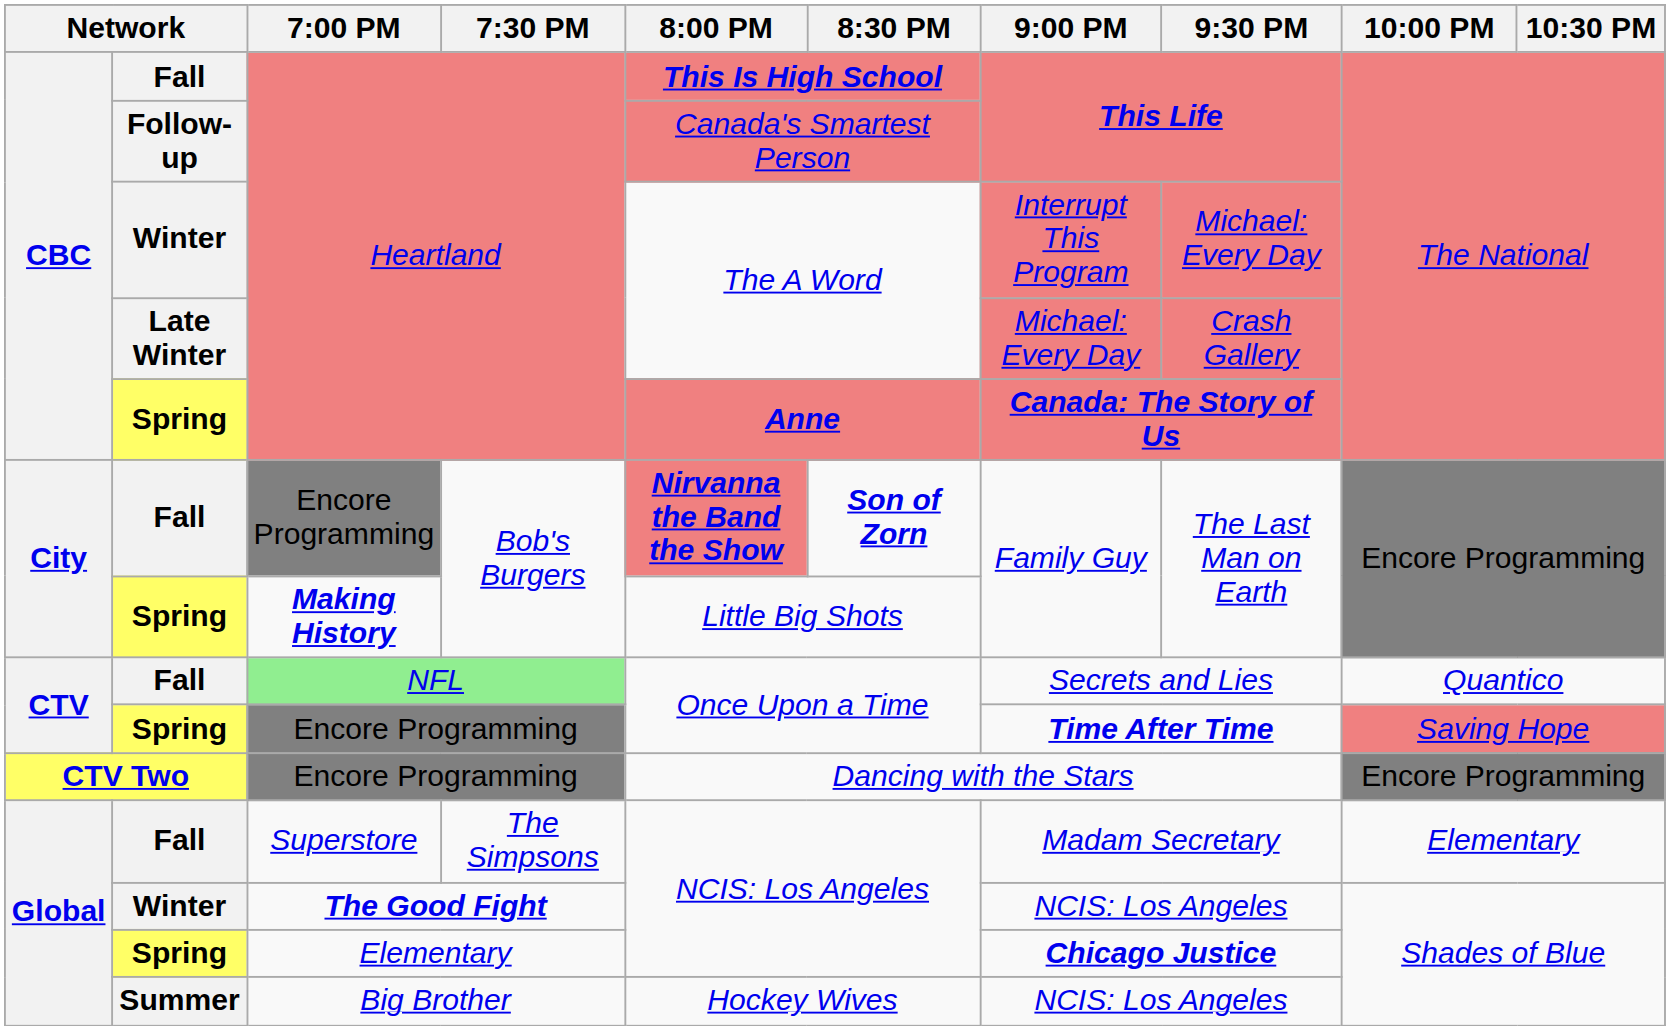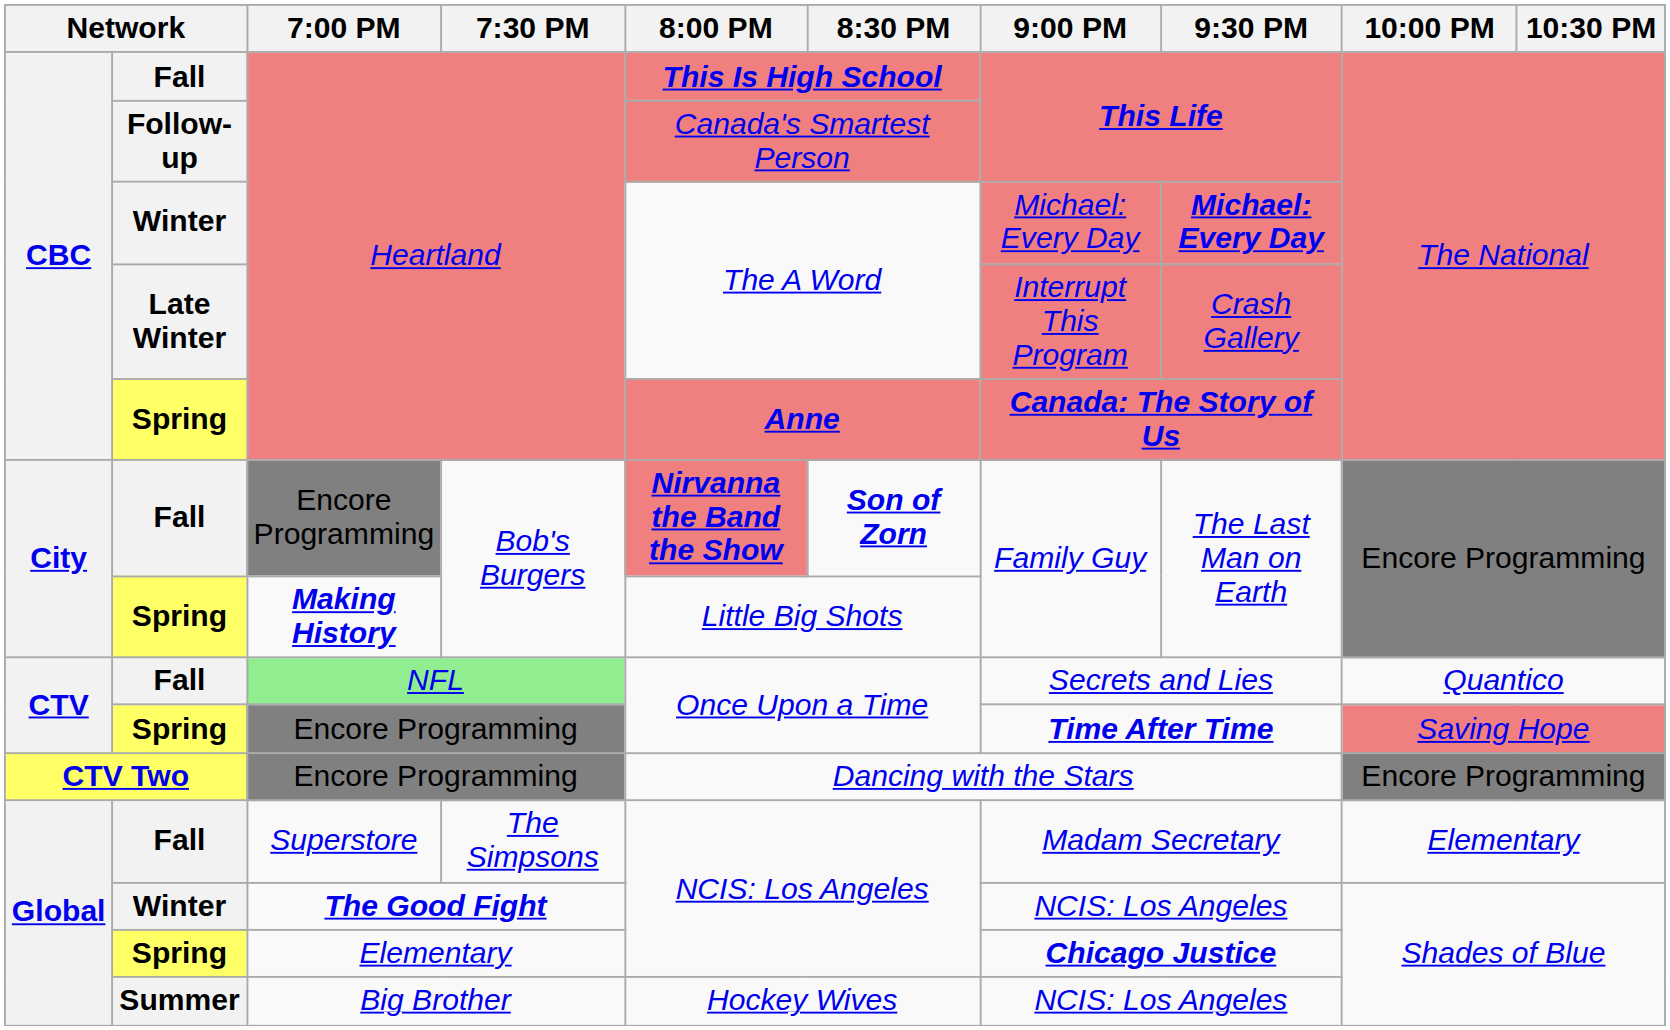 <table class="wikitable" style="width:100%;margin-right:0;text-align:center">
 <tr>
 <th colspan="2" style="width:10%;">Network</th>
 <th style="width:11.5%;">7:00 PM</th>
 <th style="width:11.5%;">7:30 PM</th>
 <th style="width:11.5%;">8:00 PM</th>
 <th style="width:11.5%;">8:30 PM</th>
 <th style="width:11.5%;">9:00 PM</th>
 <th style="width:11.5%;">9:30 PM</th>
 <th style="width:11.5%;">10:00 PM</th>
 <th style="width:11.5%;">10:30 PM</th>
 </tr>
 <tr>
 <th rowspan="5"><a href='#'>CBC</a></th>
 <th>Fall</th>
 <td rowspan="5" colspan="2" style="background:#f08080;"><em><a href='#'>Heartland</a></em></td>
 <td colspan="2" style="background:#f08080;"><strong><em><a href='#'>This Is High School</a></em></strong></td>
 <td rowspan="2" colspan="2" style="background:#f08080;"><strong><em><a href='#'>This Life</a></em></strong></td>
 <td rowspan="5" colspan="2" style="background:#f08080;"><em><a href='#'>The National</a></em></td>
 </tr>
 <tr>
 <th>Follow-up</th>
 <td colspan="2" style="background:#f08080;"><em><a href='#'>Canada's Smartest Person</a></em></td>
 </tr>
 <tr>
 <th>Winter</th>
 <td rowspan="2" colspan="2"><em><a href='#'>The A Word</a></em></td>
-<td style="background:#f08080;"><em><a href='#'>Interrupt This Program</a></em></td>
 <td style="background:#f08080;"><em><a href='#'>Michael: Every Day</a></em></td>
+<td style="background:#f08080;"><strong><em><a href='#'>Michael: Every Day</a></em></strong></td>
 </tr>
 <tr>
 <th>Late Winter</th>
-<td style="background:#f08080;"><em><a href='#'>Michael: Every Day</a></em></td>
+<td style="background:#f08080;"><em><a href='#'>Interrupt This Program</a></em></td>
 <td style="background:#f08080;"><em><a href='#'>Crash Gallery</a></em></td>
 </tr>
 <tr>
 <th style="background:#ff6;">Spring</th>
 <td colspan="2" style="background:#f08080;"><strong><em><a href='#'>Anne</a></em></strong></td>
 <td colspan="2" style="background:#f08080;"><strong><em><a href='#'>Canada: The Story of Us</a></em></strong></td>
 </tr>
 <tr>
 <th rowspan="2"><a href='#'>City</a></th>
 <th>Fall</th>
 <td style="background:gray;">Encore Programming</td>
 <td rowspan="2"><em><a href='#'>Bob's Burgers</a></em></td>
 <td style="background:#f08080;"><strong><em><a href='#'>Nirvanna the Band the Show</a></em></strong></td>
 <td><strong><em><a href='#'>Son of Zorn</a></em></strong></td>
 <td rowspan="2"><em><a href='#'>Family Guy</a></em></td>
 <td rowspan="2"><em><a href='#'>The Last Man on Earth</a></em></td>
 <td rowspan="2" colspan="2" style="background:gray;">Encore Programming</td>
 </tr>
 <tr>
 <th style="background:#ff6;">Spring</th>
 <td><strong><em><a href='#'>Making History</a></em></strong></td>
 <td colspan="2"><em><a href='#'>Little Big Shots</a></em></td>
 </tr>
 <tr>
 <th rowspan="2"><a href='#'>CTV</a></th>
 <th>Fall</th>
 <td colspan="2" style="background:lightgreen;"><em><a href='#'>NFL</a></em></td>
 <td rowspan="2" colspan="2"><em><a href='#'>Once Upon a Time</a></em></td>
 <td colspan="2"><em><a href='#'>Secrets and Lies</a></em></td>
 <td colspan="2"><em><a href='#'>Quantico</a></em></td>
 </tr>
 <tr>
 <th style="background:#ff6;">Spring</th>
 <td colspan="2" style="background:gray;">Encore Programming</td>
 <td colspan="2"><strong><em><a href='#'>Time After Time</a></em></strong></td>
 <td colspan="2" style="background:#f08080;"><em><a href='#'>Saving Hope</a></em> </td>
 </tr>
 <tr>
 <th colspan="2" style="background:#ff6;"><a href='#'>CTV Two</a></th>
 <td colspan="2" style="background:gray;">Encore Programming</td>
 <td colspan="4"><em><a href='#'>Dancing with the Stars</a></em></td>
 <td colspan="2" style="background:gray;">Encore Programming</td>
 </tr>
 <tr>
 <th rowspan="4"><a href='#'>Global</a></th>
 <th>Fall</th>
 <td><em><a href='#'>Superstore</a></em></td>
 <td><em><a href='#'>The Simpsons</a></em></td>
 <td rowspan="3" colspan="2"><em><a href='#'>NCIS: Los Angeles</a></em></td>
 <td colspan="2"><em><a href='#'>Madam Secretary</a></em></td>
 <td colspan="2"><em><a href='#'>Elementary</a></em></td>
 </tr>
 <tr>
 <th>Winter</th>
 <td colspan="2"><strong><em><a href='#'>The Good Fight</a></em></strong></td>
 <td colspan="2"><em><a href='#'>NCIS: Los Angeles</a></em></td>
 <td rowspan="4" colspan="2"><em><a href='#'>Shades of Blue</a></em></td>
 </tr>
 <tr>
 <th style="background:#ff6;">Spring</th>
 <td colspan="2"><em><a href='#'>Elementary</a></em></td>
 <td colspan="2"><strong><em><a href='#'>Chicago Justice</a></em></strong></td>
 </tr>
 <tr>
 <th>Summer</th>
 <td colspan="2"><em><a href='#'>Big Brother</a></em></td>
 <td colspan="2"><em><a href='#'>Hockey Wives</a></em></td>
 <td colspan="2"><em><a href='#'>NCIS: Los Angeles</a></em></td>
 </tr>
 </table>
